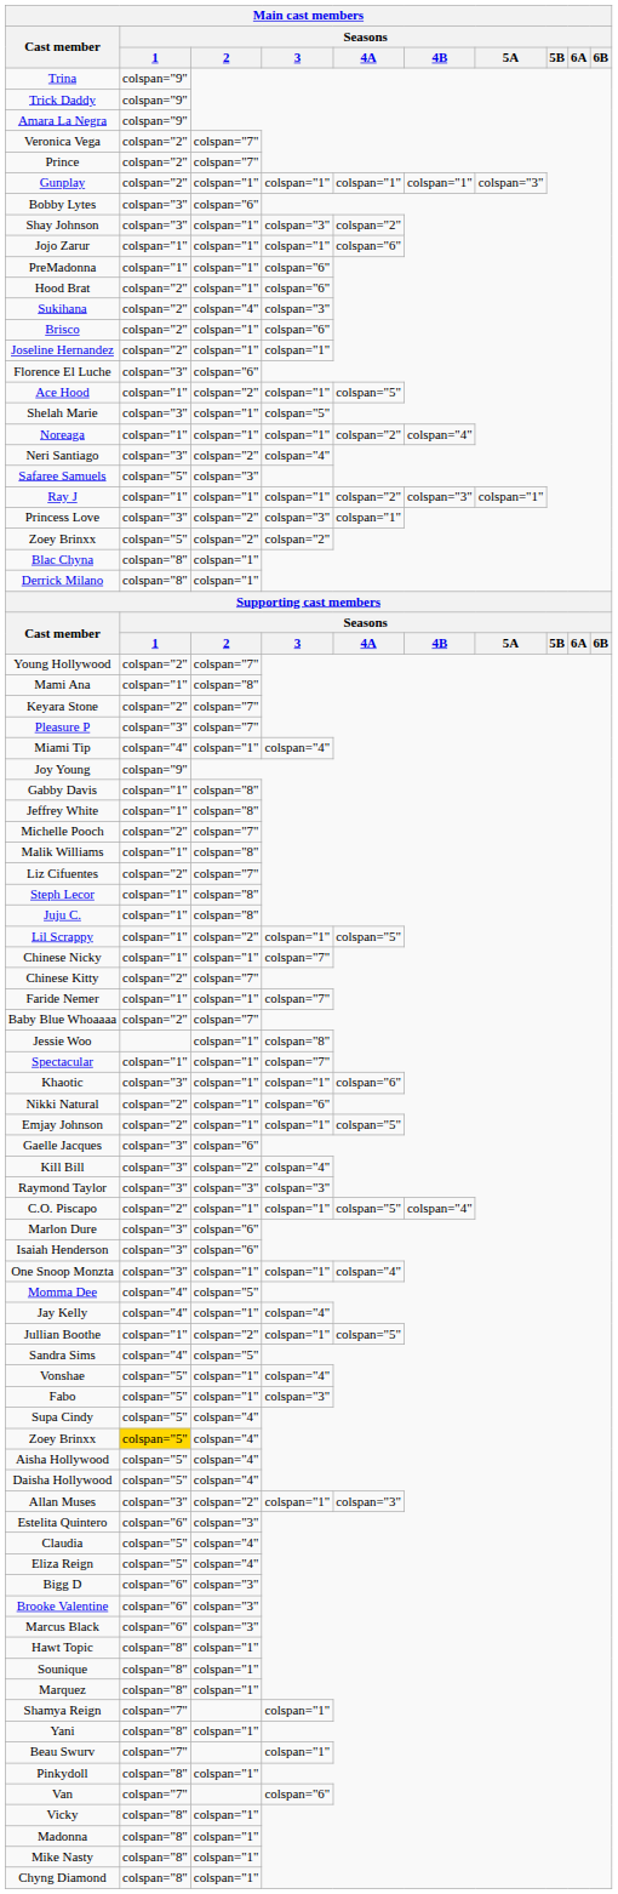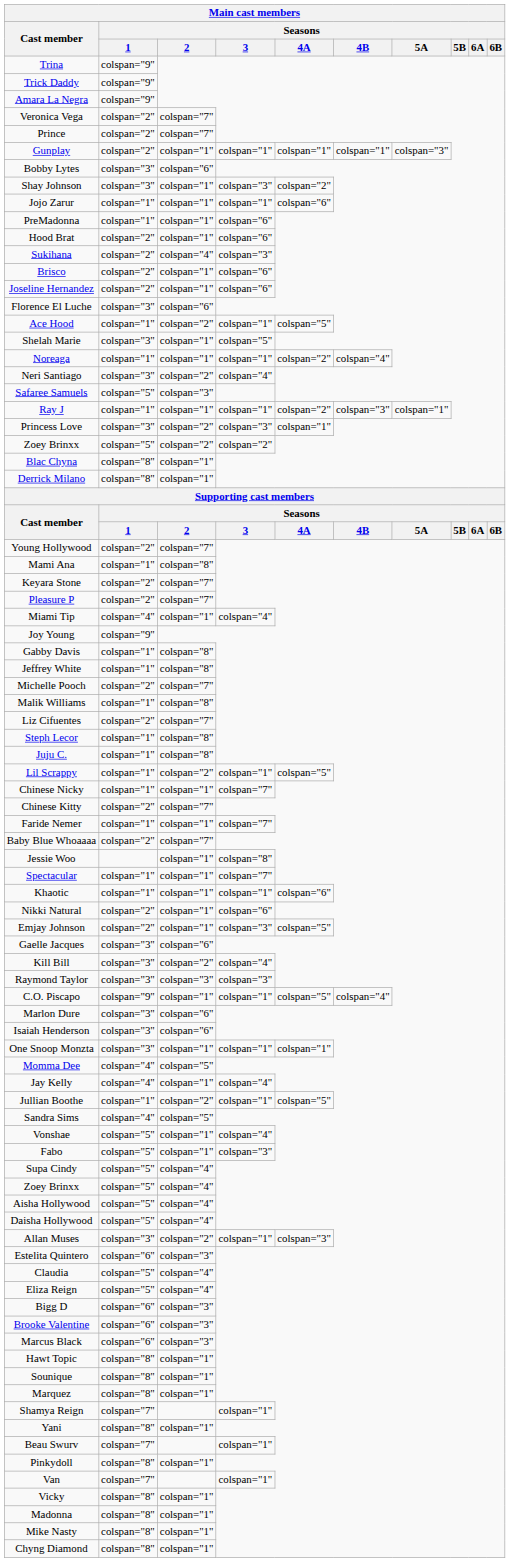 <table class="wikitable plainrowheaders" style="text-align:center;">
 <tr>
 <th colspan=10><a href='#'>Main cast members</a></th>
 </tr>
 <tr>
 <th scope="col" rowspan="2" style="text-align:center%">Cast member</th>
 <th scope="col" colspan="9">Seasons</th>
 </tr>
 <tr>
 <th scope="col"><a href='#'>1</a></th>
 <th scope="col"><a href='#'>2</a></th>
 <th scope="col"><a href='#'>3</a></th>
 <th scope="col"><a href='#'>4A</a></th>
 <th scope="col"><a href='#'>4B</a></th>
 <th scope="col">5A</th>
 <th scope="col">5B</th>
 <th scope="col">6A</th>
 <th scope="col">6B</th>
 </tr>
 <tr>
 <td scope="row"><a href='#'>Trina</a></td>
 <td>colspan="9" </td>
 </tr>
 <tr>
 <td scope="row"><a href='#'>Trick Daddy</a></td>
 <td>colspan="9" </td>
 </tr>
 <tr>
 <td scope="row"><a href='#'>Amara La Negra</a></td>
 <td>colspan="9" </td>
 </tr>
 <tr>
 <td scope="row">Veronica Vega</td>
 <td>colspan="2" </td>
 <td>colspan="7" </td>
 </tr>
 <tr>
 <td scope="row">Prince</td>
 <td>colspan="2" </td>
 <td>colspan="7" </td>
 </tr>
 <tr>
 <td scope="row"><a href='#'>Gunplay</a></td>
 <td>colspan="2" </td>
 <td>colspan="1" </td>
 <td>colspan="1" </td>
 <td>colspan="1" </td>
 <td>colspan="1" </td>
 <td>colspan="3" </td>
 </tr>
 <tr>
 <td scope="row">Bobby Lytes</td>
 <td>colspan="3" </td>
 <td>colspan="6" </td>
 </tr>
 <tr>
 <td scope="row">Shay Johnson</td>
 <td>colspan="3" </td>
 <td>colspan="1" </td>
 <td>colspan="3" </td>
 <td>colspan="2" </td>
 </tr>
 <tr>
 <td scope="row">Jojo Zarur</td>
 <td>colspan="1" </td>
 <td>colspan="1" </td>
 <td>colspan="1" </td>
 <td>colspan="6" </td>
 </tr>
 <tr>
 <td scope="row">PreMadonna</td>
 <td>colspan="1" </td>
 <td>colspan="1" </td>
 <td>colspan="6" </td>
 </tr>
 <tr>
 <td scope="row">Hood Brat</td>
 <td>colspan="2" </td>
 <td>colspan="1" </td>
 <td>colspan="6" </td>
 </tr>
 <tr>
 <td scope="row"><a href='#'>Sukihana</a></td>
 <td>colspan="2" </td>
 <td>colspan="4" </td>
 <td>colspan="3" </td>
 </tr>
 <tr>
 <td scope="row"><a href='#'>Brisco</a></td>
 <td>colspan="2" </td>
 <td>colspan="1" </td>
 <td>colspan="6" </td>
 </tr>
 <tr>
 <td scope="row"><a href='#'>Joseline Hernandez</a></td>
 <td>colspan="2" </td>
 <td>colspan="1" </td>
-<td>colspan="1" </td>
+<td>colspan="6" </td>
 </tr>
 <tr>
 <td scope="row">Florence El Luche</td>
 <td>colspan="3" </td>
 <td>colspan="6" </td>
 </tr>
 <tr>
 <td><a href='#'>Ace Hood</a></td>
 <td>colspan="1" </td>
 <td>colspan="2" </td>
 <td>colspan="1" </td>
 <td>colspan="5" </td>
 </tr>
 <tr>
 <td scope="row">Shelah Marie</td>
 <td>colspan="3" </td>
 <td>colspan="1" </td>
 <td>colspan="5" </td>
 </tr>
 <tr>
 <td scope="row"><a href='#'>Noreaga</a></td>
 <td>colspan="1" </td>
 <td>colspan="1" </td>
 <td>colspan="1" </td>
 <td>colspan="2" </td>
 <td>colspan="4" </td>
 </tr>
 <tr>
 <td scope="row">Neri Santiago</td>
 <td>colspan="3" </td>
 <td>colspan="2" </td>
 <td>colspan="4" </td>
 </tr>
 <tr>
 <td scope="row"><a href='#'>Safaree Samuels</a></td>
 <td>colspan="5" </td>
 <td>colspan="3" </td>
 <td></td>
 </tr>
 <tr>
 <td scope="row"><a href='#'>Ray J</a></td>
 <td>colspan="1" </td>
 <td>colspan="1" </td>
 <td>colspan="1" </td>
 <td>colspan="2" </td>
 <td>colspan="3" </td>
 <td>colspan="1" </td>
 </tr>
 <tr>
 <td scope="row">Princess Love</td>
 <td>colspan="3" </td>
 <td>colspan="2" </td>
 <td>colspan="3" </td>
 <td>colspan="1" </td>
 </tr>
 <tr>
 <td scope="row">Zoey Brinxx</td>
 <td>colspan="5" </td>
 <td>colspan="2" </td>
 <td>colspan="2" </td>
 </tr>
 <tr>
 <td scope="row"><a href='#'>Blac Chyna</a></td>
 <td>colspan="8" </td>
 <td>colspan="1" </td>
 </tr>
 <tr>
 <td scope="row"><a href='#'>Derrick Milano</a></td>
 <td>colspan="8" </td>
 <td>colspan="1" </td>
 </tr>
 <tr>
 <th colspan=10><a href='#'>Supporting cast members</a></th>
 </tr>
 <tr>
 <th rowspan="2" scope="col">Cast member</th>
 <th scope="col" colspan="9">Seasons</th>
 </tr>
 <tr>
 <th scope="col"><a href='#'>1</a></th>
 <th scope="col"><a href='#'>2</a></th>
 <th scope="col"><a href='#'>3</a></th>
 <th scope="col"><a href='#'>4A</a></th>
 <th scope="col"><a href='#'>4B</a></th>
 <th scope="col">5A</th>
 <th scope="col">5B</th>
 <th scope="col">6A</th>
 <th scope="col">6B</th>
 </tr>
 <tr>
 <td scope="row">Young Hollywood</td>
 <td>colspan="2" </td>
 <td>colspan="7" </td>
 </tr>
 <tr>
 <td scope="row">Mami Ana</td>
 <td>colspan="1" </td>
 <td>colspan="8" </td>
 </tr>
 <tr>
 <td scope="row">Keyara Stone</td>
 <td>colspan="2" </td>
 <td>colspan="7" </td>
 </tr>
 <tr>
 <td scope="row"><a href='#'>Pleasure P</a></td>
-<td>colspan="3" </td>
+<td>colspan="2" </td>
 <td>colspan="7" </td>
 </tr>
 <tr>
 <td scope="row">Miami Tip</td>
 <td>colspan="4" </td>
 <td>colspan="1" </td>
 <td>colspan="4" </td>
 </tr>
 <tr>
 <td scope="row">Joy Young</td>
 <td>colspan="9" </td>
 </tr>
 <tr>
 <td scope="row">Gabby Davis</td>
 <td>colspan="1" </td>
 <td>colspan="8" </td>
 </tr>
 <tr>
 <td scope="row">Jeffrey White</td>
 <td>colspan="1" </td>
 <td>colspan="8" </td>
 </tr>
 <tr>
 <td scope="row">Michelle Pooch</td>
 <td>colspan="2" </td>
 <td>colspan="7" </td>
 </tr>
 <tr>
 <td scope="row">Malik Williams</td>
 <td>colspan="1" </td>
 <td>colspan="8" </td>
 </tr>
 <tr>
 <td scope="row">Liz Cifuentes</td>
 <td>colspan="2" </td>
 <td>colspan="7" </td>
 </tr>
 <tr>
 <td scope="row"><a href='#'>Steph Lecor</a></td>
 <td>colspan="1" </td>
 <td>colspan="8" </td>
 </tr>
 <tr>
 <td scope="row"><a href='#'>Juju C.</a></td>
 <td>colspan="1" </td>
 <td>colspan="8" </td>
 </tr>
 <tr>
 <td scope="row"><a href='#'>Lil Scrappy</a></td>
 <td>colspan="1" </td>
 <td>colspan="2" </td>
 <td>colspan="1" </td>
 <td>colspan="5" </td>
 </tr>
 <tr>
 <td scope="row">Chinese Nicky</td>
 <td>colspan="1" </td>
 <td>colspan="1" </td>
 <td>colspan="7" </td>
 </tr>
 <tr>
 <td scope="row">Chinese Kitty</td>
 <td>colspan="2" </td>
 <td>colspan="7" </td>
 </tr>
 <tr>
 <td scope="row">Faride Nemer</td>
 <td>colspan="1" </td>
 <td>colspan="1" </td>
 <td>colspan="7" </td>
 </tr>
 <tr>
 <td scope="row">Baby Blue Whoaaaa</td>
 <td>colspan="2" </td>
 <td>colspan="7" </td>
 </tr>
 <tr>
 <td scope="row">Jessie Woo</td>
 <td></td>
 <td>colspan="1" </td>
 <td>colspan="8" </td>
 </tr>
 <tr>
 <td scope="row"><a href='#'>Spectacular</a></td>
 <td>colspan="1" </td>
 <td>colspan="1" </td>
 <td>colspan="7" </td>
 </tr>
 <tr>
 <td scope="row">Khaotic</td>
-<td>colspan="3" </td>
+<td>colspan="1" </td>
 <td>colspan="1" </td>
 <td>colspan="1" </td>
 <td>colspan="6" </td>
 </tr>
 <tr>
 <td scope="row">Nikki Natural</td>
 <td>colspan="2" </td>
 <td>colspan="1" </td>
 <td>colspan="6" </td>
 </tr>
 <tr>
 <td scope="row">Emjay Johnson</td>
 <td>colspan="2" </td>
 <td>colspan="1" </td>
-<td>colspan="1" </td>
+<td>colspan="3" </td>
 <td>colspan="5" </td>
 </tr>
 <tr>
 <td scope="row">Gaelle Jacques</td>
 <td>colspan="3" </td>
 <td>colspan="6" </td>
 </tr>
 <tr>
 <td scope="row">Kill Bill</td>
 <td>colspan="3" </td>
 <td>colspan="2" </td>
 <td>colspan="4" </td>
 </tr>
 <tr>
 <td scope="row">Raymond Taylor</td>
 <td>colspan="3" </td>
 <td>colspan="3" </td>
 <td>colspan="3" </td>
 </tr>
 <tr>
 <td scope="row">C.O. Piscapo</td>
-<td>colspan="2" </td>
+<td>colspan="9" </td>
 <td>colspan="1" </td>
 <td>colspan="1" </td>
 <td>colspan="5" </td>
 <td>colspan="4" </td>
 </tr>
 <tr>
 <td scope="row">Marlon Dure</td>
 <td>colspan="3" </td>
 <td>colspan="6" </td>
 </tr>
 <tr>
 <td scope="row">Isaiah Henderson</td>
 <td>colspan="3" </td>
 <td>colspan="6" </td>
 </tr>
 <tr>
 <td scope="row">One Snoop Monzta</td>
 <td>colspan="3" </td>
 <td>colspan="1" </td>
 <td>colspan="1" </td>
-<td>colspan="4" </td>
+<td>colspan="1" </td>
 </tr>
 <tr>
 <td scope="row"><a href='#'>Momma Dee</a></td>
 <td>colspan="4" </td>
 <td>colspan="5" </td>
 </tr>
 <tr>
 <td scope="row">Jay Kelly</td>
 <td>colspan="4" </td>
 <td>colspan="1" </td>
 <td>colspan="4" </td>
 </tr>
 <tr>
 <td scope="row">Jullian Boothe</td>
 <td>colspan="1" </td>
 <td>colspan="2" </td>
 <td>colspan="1" </td>
 <td>colspan="5" </td>
 </tr>
 <tr>
 <td scope="row">Sandra Sims</td>
 <td>colspan="4" </td>
 <td>colspan="5" </td>
 </tr>
 <tr>
 <td scope="row">Vonshae</td>
 <td>colspan="5" </td>
 <td>colspan="1" </td>
 <td>colspan="4" </td>
 </tr>
 <tr>
 <td scope="row">Fabo</td>
 <td>colspan="5" </td>
 <td>colspan="1" </td>
 <td>colspan="3" </td>
 </tr>
 <tr>
 <td scope="row">Supa Cindy</td>
 <td>colspan="5" </td>
 <td>colspan="4" </td>
 </tr>
 <tr>
 <td scope="row">Zoey Brinxx</td>
-<td style="background: gold;">colspan="5" </td>
+<td>colspan="5" </td>
 <td>colspan="4" </td>
 </tr>
 <tr>
 <td scope="row">Aisha Hollywood</td>
 <td>colspan="5" </td>
 <td>colspan="4" </td>
 </tr>
 <tr>
 <td scope="row">Daisha Hollywood</td>
 <td>colspan="5" </td>
 <td>colspan="4" </td>
 </tr>
 <tr>
 <td scope="row">Allan Muses</td>
 <td>colspan="3" </td>
 <td>colspan="2" </td>
 <td>colspan="1" </td>
 <td>colspan="3" </td>
 </tr>
 <tr>
 <td scope="row">Estelita Quintero</td>
 <td>colspan="6" </td>
 <td>colspan="3" </td>
 </tr>
 <tr>
 <td scope="row">Claudia</td>
 <td>colspan="5" </td>
 <td>colspan="4" </td>
 </tr>
 <tr>
 <td scope="row">Eliza Reign</td>
 <td>colspan="5" </td>
 <td>colspan="4" </td>
 </tr>
 <tr>
 <td scope="row">Bigg D</td>
 <td>colspan="6" </td>
 <td>colspan="3" </td>
 </tr>
 <tr>
 <td scope="row"><a href='#'>Brooke Valentine</a></td>
 <td>colspan="6" </td>
 <td>colspan="3" </td>
 </tr>
 <tr>
 <td scope="row">Marcus Black</td>
 <td>colspan="6" </td>
 <td>colspan="3" </td>
 </tr>
 <tr>
 <td scope="row">Hawt Topic</td>
 <td>colspan="8" </td>
 <td>colspan="1" </td>
 </tr>
 <tr>
 <td scope="row">Sounique</td>
 <td>colspan="8" </td>
 <td>colspan="1" </td>
 </tr>
 <tr>
 <td scope="row">Marquez</td>
 <td>colspan="8" </td>
 <td>colspan="1" </td>
 </tr>
 <tr>
 <td scope="row">Shamya Reign</td>
 <td>colspan="7" </td>
 <td></td>
 <td>colspan="1" </td>
 </tr>
 <tr>
 <td scope="row">Yani</td>
 <td>colspan="8" </td>
 <td>colspan="1" </td>
 </tr>
 <tr>
 <td scope="row">Beau Swurv</td>
 <td>colspan="7" </td>
 <td></td>
 <td>colspan="1" </td>
 </tr>
 <tr>
 <td scope="row">Pinkydoll</td>
 <td>colspan="8" </td>
 <td>colspan="1" </td>
 </tr>
 <tr>
 <td scope="row">Van</td>
 <td>colspan="7" </td>
 <td></td>
-<td>colspan="6" </td>
+<td>colspan="1" </td>
 </tr>
 <tr>
 <td scope="row">Vicky</td>
 <td>colspan="8" </td>
 <td>colspan="1" </td>
 </tr>
 <tr>
 <td scope="row">Madonna</td>
 <td>colspan="8" </td>
 <td>colspan="1" </td>
 </tr>
 <tr>
 <td scope="row">Mike Nasty</td>
 <td>colspan="8" </td>
 <td>colspan="1" </td>
 </tr>
 <tr>
 <td scope="row">Chyng Diamond</td>
 <td>colspan="8" </td>
 <td>colspan="1" </td>
 </tr>
 </table>
